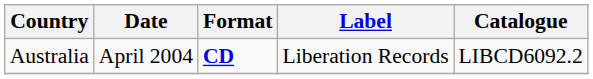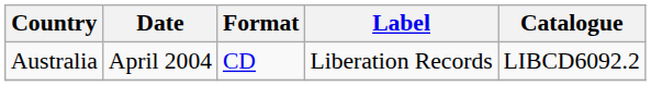 <table class="wikitable plainrowheaders sortable">
 <tr>
 <th scope="col">Country</th>
 <th scope="col">Date</th>
 <th scope="col">Format</th>
 <th scope="col"><a href='#'>Label</a></th>
 <th scope="col">Catalogue</th>
 </tr>
 <tr>
 <td>Australia</td>
 <td>April 2004</td>
-<td><strong><a href='#'>CD</a></strong></td>
+<td><a href='#'>CD</a></td>
 <td>Liberation Records</td>
 <td>LIBCD6092.2</td>
 </tr>
 <tr>
 </tr>
 </table>
